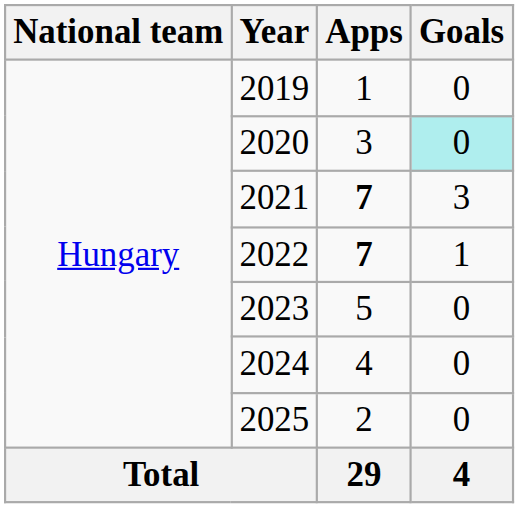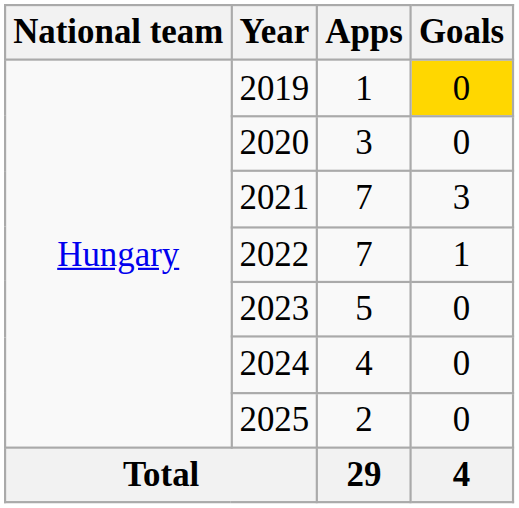 <table class=wikitable style="text-align: center">
 <tr>
 <th>National team</th>
 <th>Year</th>
 <th>Apps</th>
 <th>Goals</th>
 </tr>
 <tr>
 <td rowspan="7"><a href='#'>Hungary</a></td>
 <td>2019</td>
 <td>1</td>
-<td>0</td>
+<td style="background: gold;">0</td>
 </tr>
 <tr>
 <td>2020</td>
 <td>3</td>
-<td style="background: paleturquoise;">0</td>
+<td>0</td>
 </tr>
 <tr>
 <td>2021</td>
-<td><strong>7</strong></td>
+<td>7</td>
 <td>3</td>
 </tr>
 <tr>
 <td>2022</td>
-<td><strong>7</strong></td>
+<td>7</td>
 <td>1</td>
 </tr>
 <tr>
 <td>2023</td>
 <td>5</td>
 <td>0</td>
 </tr>
 <tr>
 <td>2024</td>
 <td>4</td>
 <td>0</td>
 </tr>
 <tr>
 <td>2025</td>
 <td>2</td>
 <td>0</td>
 </tr>
 <tr>
 <th colspan="2">Total</th>
 <th>29</th>
 <th>4</th>
 </tr>
 </table>
